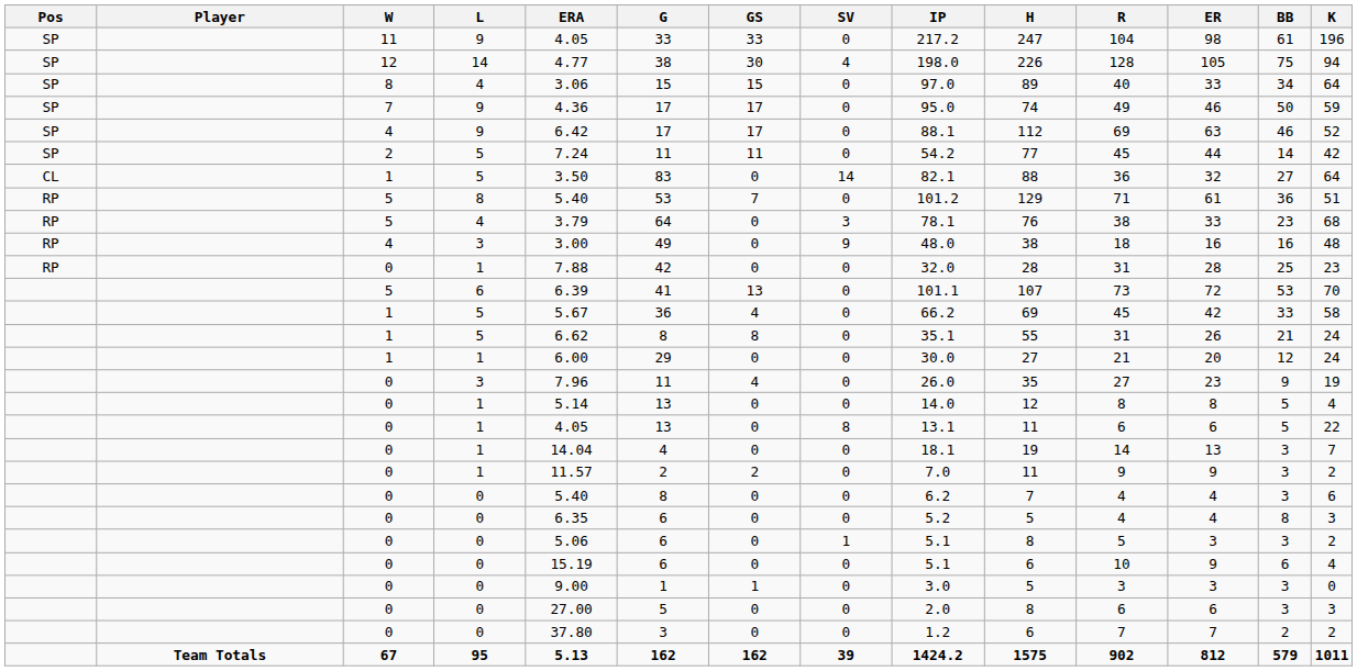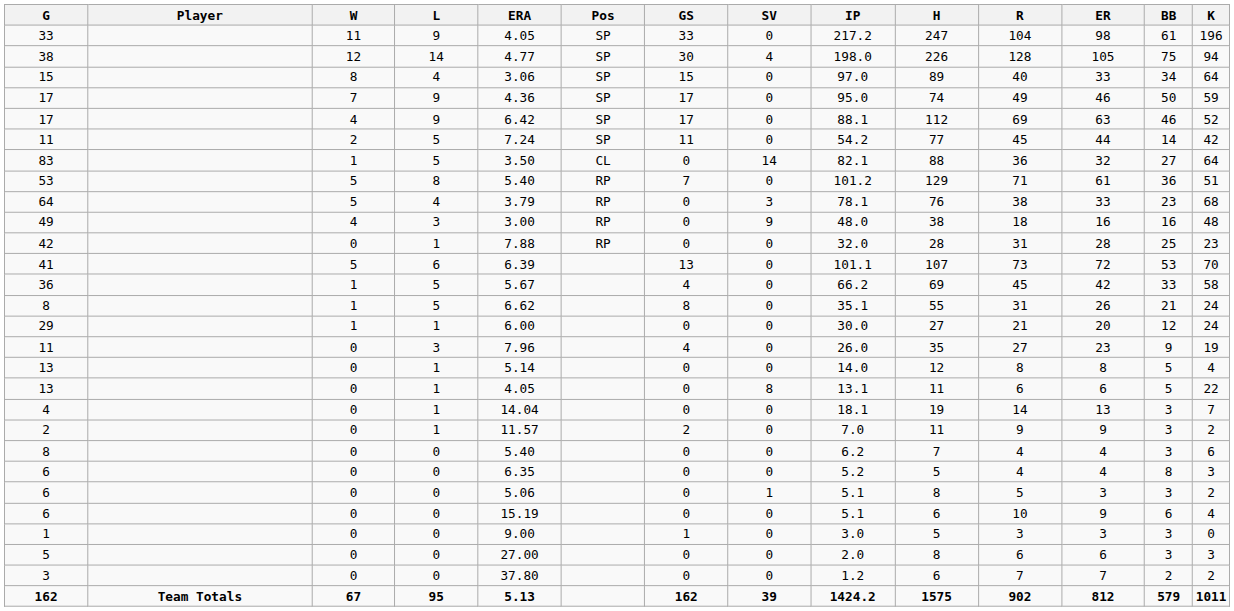 <table class="wikitable sortable">
 <tr>
-<th bgcolor="#DDDDFF" width="7%">Pos</th>
+<th bgcolor="#DDDDFF" width="7%">G</th>
 <th bgcolor="#DDDDFF" width="19%">Player</th>
 <th bgcolor="#DDDDFF" width="7%">W</th>
 <th bgcolor="#DDDDFF" width="7%">L</th>
 <th bgcolor="#DDDDFF" width="7%">ERA</th>
-<th bgcolor="#DDDDFF" width="7%">G</th>
+<th bgcolor="#DDDDFF" width="7%">Pos</th>
 <th bgcolor="#DDDDFF" width="7%">GS</th>
 <th bgcolor="#DDDDFF" width="7%">SV</th>
 <th bgcolor="#DDDDFF" width="7%">IP</th>
 <th bgcolor="#DDDDFF" width="7%">H</th>
 <th bgcolor="#DDDDFF" width="7%">R</th>
 <th bgcolor="#DDDDFF" width="7%">ER</th>
 <th bgcolor="#DDDDFF" width="7%">BB</th>
 <th bgcolor="#DDDDFF" width="7%">K</th>
 </tr>
 <tr align="center">
-<td>SP</td>
+<td>33</td>
 <td></td>
 <td>11</td>
 <td>9</td>
 <td>4.05</td>
-<td>33</td>
+<td>SP</td>
 <td>33</td>
 <td>0</td>
 <td>217.2</td>
 <td>247</td>
 <td>104</td>
 <td>98</td>
 <td>61</td>
 <td>196</td>
 </tr>
 <tr align="center">
-<td>SP</td>
+<td>38</td>
 <td></td>
 <td>12</td>
 <td>14</td>
 <td>4.77</td>
-<td>38</td>
+<td>SP</td>
 <td>30</td>
 <td>4</td>
 <td>198.0</td>
 <td>226</td>
 <td>128</td>
 <td>105</td>
 <td>75</td>
 <td>94</td>
 </tr>
 <tr align="center">
-<td>SP</td>
+<td>15</td>
 <td></td>
 <td>8</td>
 <td>4</td>
 <td>3.06</td>
-<td>15</td>
+<td>SP</td>
 <td>15</td>
 <td>0</td>
 <td>97.0</td>
 <td>89</td>
 <td>40</td>
 <td>33</td>
 <td>34</td>
 <td>64</td>
 </tr>
 <tr align="center">
-<td>SP</td>
+<td>17</td>
 <td></td>
 <td>7</td>
 <td>9</td>
 <td>4.36</td>
-<td>17</td>
+<td>SP</td>
 <td>17</td>
 <td>0</td>
 <td>95.0</td>
 <td>74</td>
 <td>49</td>
 <td>46</td>
 <td>50</td>
 <td>59</td>
 </tr>
 <tr align="center">
-<td>SP</td>
+<td>17</td>
 <td></td>
 <td>4</td>
 <td>9</td>
 <td>6.42</td>
-<td>17</td>
+<td>SP</td>
 <td>17</td>
 <td>0</td>
 <td>88.1</td>
 <td>112</td>
 <td>69</td>
 <td>63</td>
 <td>46</td>
 <td>52</td>
 </tr>
 <tr align="center">
-<td>SP</td>
+<td>11</td>
 <td></td>
 <td>2</td>
 <td>5</td>
 <td>7.24</td>
-<td>11</td>
+<td>SP</td>
 <td>11</td>
 <td>0</td>
 <td>54.2</td>
 <td>77</td>
 <td>45</td>
 <td>44</td>
 <td>14</td>
 <td>42</td>
 </tr>
 <tr align="center">
-<td>CL</td>
+<td>83</td>
 <td></td>
 <td>1</td>
 <td>5</td>
 <td>3.50</td>
-<td>83</td>
+<td>CL</td>
 <td>0</td>
 <td>14</td>
 <td>82.1</td>
 <td>88</td>
 <td>36</td>
 <td>32</td>
 <td>27</td>
 <td>64</td>
 </tr>
 <tr align="center">
-<td>RP</td>
+<td>53</td>
 <td></td>
 <td>5</td>
 <td>8</td>
 <td>5.40</td>
-<td>53</td>
+<td>RP</td>
 <td>7</td>
 <td>0</td>
 <td>101.2</td>
 <td>129</td>
 <td>71</td>
 <td>61</td>
 <td>36</td>
 <td>51</td>
 </tr>
 <tr align="center">
-<td>RP</td>
+<td>64</td>
 <td></td>
 <td>5</td>
 <td>4</td>
 <td>3.79</td>
-<td>64</td>
+<td>RP</td>
 <td>0</td>
 <td>3</td>
 <td>78.1</td>
 <td>76</td>
 <td>38</td>
 <td>33</td>
 <td>23</td>
 <td>68</td>
 </tr>
 <tr align="center">
-<td>RP</td>
+<td>49</td>
 <td></td>
 <td>4</td>
 <td>3</td>
 <td>3.00</td>
-<td>49</td>
+<td>RP</td>
 <td>0</td>
 <td>9</td>
 <td>48.0</td>
 <td>38</td>
 <td>18</td>
 <td>16</td>
 <td>16</td>
 <td>48</td>
 </tr>
 <tr align="center">
-<td>RP</td>
+<td>42</td>
 <td></td>
 <td>0</td>
 <td>1</td>
 <td>7.88</td>
-<td>42</td>
+<td>RP</td>
 <td>0</td>
 <td>0</td>
 <td>32.0</td>
 <td>28</td>
 <td>31</td>
 <td>28</td>
 <td>25</td>
 <td>23</td>
 </tr>
 <tr align="center">
-<td></td>
+<td>41</td>
 <td></td>
 <td>5</td>
 <td>6</td>
 <td>6.39</td>
-<td>41</td>
+<td></td>
 <td>13</td>
 <td>0</td>
 <td>101.1</td>
 <td>107</td>
 <td>73</td>
 <td>72</td>
 <td>53</td>
 <td>70</td>
 </tr>
 <tr align="center">
-<td></td>
+<td>36</td>
 <td></td>
 <td>1</td>
 <td>5</td>
 <td>5.67</td>
-<td>36</td>
+<td></td>
 <td>4</td>
 <td>0</td>
 <td>66.2</td>
 <td>69</td>
 <td>45</td>
 <td>42</td>
 <td>33</td>
 <td>58</td>
 </tr>
 <tr align="center">
-<td></td>
+<td>8</td>
 <td></td>
 <td>1</td>
 <td>5</td>
 <td>6.62</td>
-<td>8</td>
+<td></td>
 <td>8</td>
 <td>0</td>
 <td>35.1</td>
 <td>55</td>
 <td>31</td>
 <td>26</td>
 <td>21</td>
 <td>24</td>
 </tr>
 <tr align="center">
-<td></td>
+<td>29</td>
 <td></td>
 <td>1</td>
 <td>1</td>
 <td>6.00</td>
-<td>29</td>
+<td></td>
 <td>0</td>
 <td>0</td>
 <td>30.0</td>
 <td>27</td>
 <td>21</td>
 <td>20</td>
 <td>12</td>
 <td>24</td>
 </tr>
 <tr align="center">
-<td></td>
+<td>11</td>
 <td></td>
 <td>0</td>
 <td>3</td>
 <td>7.96</td>
-<td>11</td>
+<td></td>
 <td>4</td>
 <td>0</td>
 <td>26.0</td>
 <td>35</td>
 <td>27</td>
 <td>23</td>
 <td>9</td>
 <td>19</td>
 </tr>
 <tr align="center">
-<td></td>
+<td>13</td>
 <td></td>
 <td>0</td>
 <td>1</td>
 <td>5.14</td>
-<td>13</td>
+<td></td>
 <td>0</td>
 <td>0</td>
 <td>14.0</td>
 <td>12</td>
 <td>8</td>
 <td>8</td>
 <td>5</td>
 <td>4</td>
 </tr>
 <tr align="center">
-<td></td>
+<td>13</td>
 <td></td>
 <td>0</td>
 <td>1</td>
 <td>4.05</td>
-<td>13</td>
+<td></td>
 <td>0</td>
 <td>8</td>
 <td>13.1</td>
 <td>11</td>
 <td>6</td>
 <td>6</td>
 <td>5</td>
 <td>22</td>
 </tr>
 <tr align="center">
-<td></td>
+<td>4</td>
 <td></td>
 <td>0</td>
 <td>1</td>
 <td>14.04</td>
-<td>4</td>
+<td></td>
 <td>0</td>
 <td>0</td>
 <td>18.1</td>
 <td>19</td>
 <td>14</td>
 <td>13</td>
 <td>3</td>
 <td>7</td>
 </tr>
 <tr align="center">
-<td></td>
+<td>2</td>
 <td></td>
 <td>0</td>
 <td>1</td>
 <td>11.57</td>
-<td>2</td>
+<td></td>
 <td>2</td>
 <td>0</td>
 <td>7.0</td>
 <td>11</td>
 <td>9</td>
 <td>9</td>
 <td>3</td>
 <td>2</td>
 </tr>
 <tr align="center">
-<td></td>
+<td>8</td>
 <td></td>
 <td>0</td>
 <td>0</td>
 <td>5.40</td>
-<td>8</td>
+<td></td>
 <td>0</td>
 <td>0</td>
 <td>6.2</td>
 <td>7</td>
 <td>4</td>
 <td>4</td>
 <td>3</td>
 <td>6</td>
 </tr>
 <tr align="center">
-<td></td>
+<td>6</td>
 <td></td>
 <td>0</td>
 <td>0</td>
 <td>6.35</td>
-<td>6</td>
+<td></td>
 <td>0</td>
 <td>0</td>
 <td>5.2</td>
 <td>5</td>
 <td>4</td>
 <td>4</td>
 <td>8</td>
 <td>3</td>
 </tr>
 <tr align="center">
-<td></td>
+<td>6</td>
 <td></td>
 <td>0</td>
 <td>0</td>
 <td>5.06</td>
-<td>6</td>
+<td></td>
 <td>0</td>
 <td>1</td>
 <td>5.1</td>
 <td>8</td>
 <td>5</td>
 <td>3</td>
 <td>3</td>
 <td>2</td>
 </tr>
 <tr align="center">
-<td></td>
+<td>6</td>
 <td></td>
 <td>0</td>
 <td>0</td>
 <td>15.19</td>
-<td>6</td>
+<td></td>
 <td>0</td>
 <td>0</td>
 <td>5.1</td>
 <td>6</td>
 <td>10</td>
 <td>9</td>
 <td>6</td>
 <td>4</td>
 </tr>
 <tr align="center">
-<td></td>
+<td>1</td>
 <td></td>
 <td>0</td>
 <td>0</td>
 <td>9.00</td>
-<td>1</td>
+<td></td>
 <td>1</td>
 <td>0</td>
 <td>3.0</td>
 <td>5</td>
 <td>3</td>
 <td>3</td>
 <td>3</td>
 <td>0</td>
 </tr>
 <tr align="center">
-<td></td>
+<td>5</td>
 <td></td>
 <td>0</td>
 <td>0</td>
 <td>27.00</td>
-<td>5</td>
+<td></td>
 <td>0</td>
 <td>0</td>
 <td>2.0</td>
 <td>8</td>
 <td>6</td>
 <td>6</td>
 <td>3</td>
 <td>3</td>
 </tr>
 <tr align="center">
-<td></td>
+<td>3</td>
 <td></td>
 <td>0</td>
 <td>0</td>
 <td>37.80</td>
-<td>3</td>
+<td></td>
 <td>0</td>
 <td>0</td>
 <td>1.2</td>
 <td>6</td>
 <td>7</td>
 <td>7</td>
 <td>2</td>
 <td>2</td>
 </tr>
 <tr align="center" class="unsortable">
-<td></td>
+<td><strong>162</strong></td>
 <td><strong>Team Totals</strong></td>
 <td><strong>67</strong></td>
 <td><strong>95</strong></td>
 <td><strong>5.13</strong></td>
-<td><strong>162</strong></td>
+<td></td>
 <td><strong>162</strong></td>
 <td><strong>39</strong></td>
 <td><strong>1424.2</strong></td>
 <td><strong>1575</strong></td>
 <td><strong>902</strong></td>
 <td><strong>812</strong></td>
 <td><strong>579</strong></td>
 <td><strong>1011</strong></td>
 </tr>
 </table>
